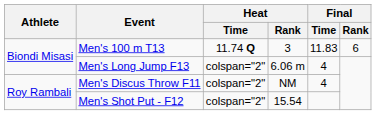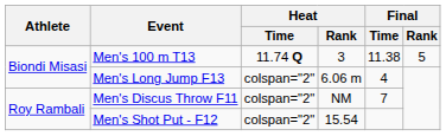 <table class=wikitable style="font-size:90%">
 <tr>
 <th rowspan="2">Athlete</th>
 <th rowspan="2">Event</th>
 <th colspan="2">Heat</th>
 <th colspan="2">Final</th>
 </tr>
 <tr style="font-size:95%">
 <th>Time</th>
 <th>Rank</th>
 <th>Time</th>
 <th>Rank</th>
 </tr>
 <tr align=center>
 <td align=left rowspan="2"><a href='#'>Biondi Misasi</a></td>
 <td align=left><a href='#'>Men's 100 m T13</a></td>
 <td>11.74 <strong>Q</strong></td>
 <td>3</td>
-<td>11.83</td>
-<td>6</td>
+<td>11.38</td>
+<td>5</td>
 </tr>
 <tr>
 <td align=left><a href='#'>Men's Long Jump F13</a></td>
 <td>colspan="2" </td>
 <td>6.06 m</td>
 <td align=center>4</td>
 </tr>
 <tr align=center>
 <td align=left rowspan="2"><a href='#'>Roy Rambali</a></td>
 <td align=left><a href='#'>Men's Discus Throw F11</a></td>
 <td>colspan="2" </td>
 <td>NM</td>
-<td>4</td>
+<td>7</td>
 </tr>
 <tr align=center>
 <td align=left><a href='#'>Men's Shot Put - F12</a></td>
 <td>colspan="2" </td>
 <td>15.54</td>
 <td></td>
 </tr>
 </table>
